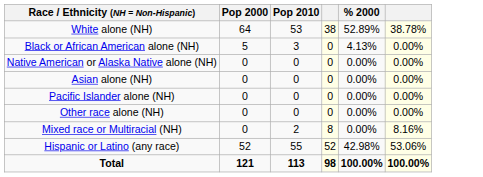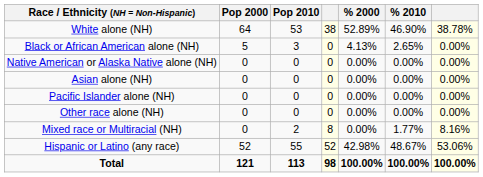 <table class="wikitable" style="text-align:center;">
 <tr>
 <th>Race / Ethnicity <small>(<em>NH = Non-Hispanic</em>)</small></th>
 <th>Pop 2000</th>
 <th>Pop 2010</th>
 <th></th>
 <th>% 2000</th>
+<th>% 2010</th>
 <th></th>
 </tr>
 <tr>
 <td><a href='#'>White</a> alone (NH)</td>
 <td>64</td>
 <td>53</td>
 <td style='background: #ffffe6;'>38</td>
 <td>52.89%</td>
+<td>46.90%</td>
 <td style='background: #ffffe6;'>38.78%</td>
 </tr>
 <tr>
 <td><a href='#'>Black or African American</a> alone (NH)</td>
 <td>5</td>
 <td>3</td>
 <td style='background: #ffffe6;'>0</td>
 <td>4.13%</td>
+<td>2.65%</td>
 <td style='background: #ffffe6;'>0.00%</td>
 </tr>
 <tr>
 <td><a href='#'>Native American</a> or <a href='#'>Alaska Native</a> alone (NH)</td>
 <td>0</td>
 <td>0</td>
 <td style='background: #ffffe6;'>0</td>
+<td>0.00%</td>
 <td>0.00%</td>
 <td style='background: #ffffe6;'>0.00%</td>
 </tr>
 <tr>
 <td><a href='#'>Asian</a> alone (NH)</td>
 <td>0</td>
 <td>0</td>
 <td style='background: #ffffe6;'>0</td>
 <td>0.00%</td>
+<td>0.00%</td>
 <td style='background: #ffffe6;'>0.00%</td>
 </tr>
 <tr>
 <td><a href='#'>Pacific Islander</a> alone (NH)</td>
 <td>0</td>
 <td>0</td>
 <td style='background: #ffffe6;'>0</td>
+<td>0.00%</td>
 <td>0.00%</td>
 <td style='background: #ffffe6;'>0.00%</td>
 </tr>
 <tr>
 <td><a href='#'>Other race</a> alone (NH)</td>
 <td>0</td>
 <td>0</td>
 <td style='background: #ffffe6;'>0</td>
 <td>0.00%</td>
+<td>0.00%</td>
 <td style='background: #ffffe6;'>0.00%</td>
 </tr>
 <tr>
 <td><a href='#'>Mixed race or Multiracial</a> (NH)</td>
 <td>0</td>
 <td>2</td>
 <td style='background: #ffffe6;'>8</td>
 <td>0.00%</td>
+<td>1.77%</td>
 <td style='background: #ffffe6;'>8.16%</td>
 </tr>
 <tr>
 <td><a href='#'>Hispanic or Latino</a> (any race)</td>
 <td>52</td>
 <td>55</td>
 <td style='background: #ffffe6;'>52</td>
 <td>42.98%</td>
+<td>48.67%</td>
 <td style='background: #ffffe6;'>53.06%</td>
 </tr>
 <tr>
 <td><strong>Total</strong></td>
 <td><strong>121</strong></td>
 <td><strong>113</strong></td>
 <td style='background: #ffffe6;'><strong>98</strong></td>
 <td><strong>100.00%</strong></td>
+<td><strong>100.00%</strong></td>
 <td style='background: #ffffe6;'><strong>100.00%</strong></td>
 </tr>
 </table>
